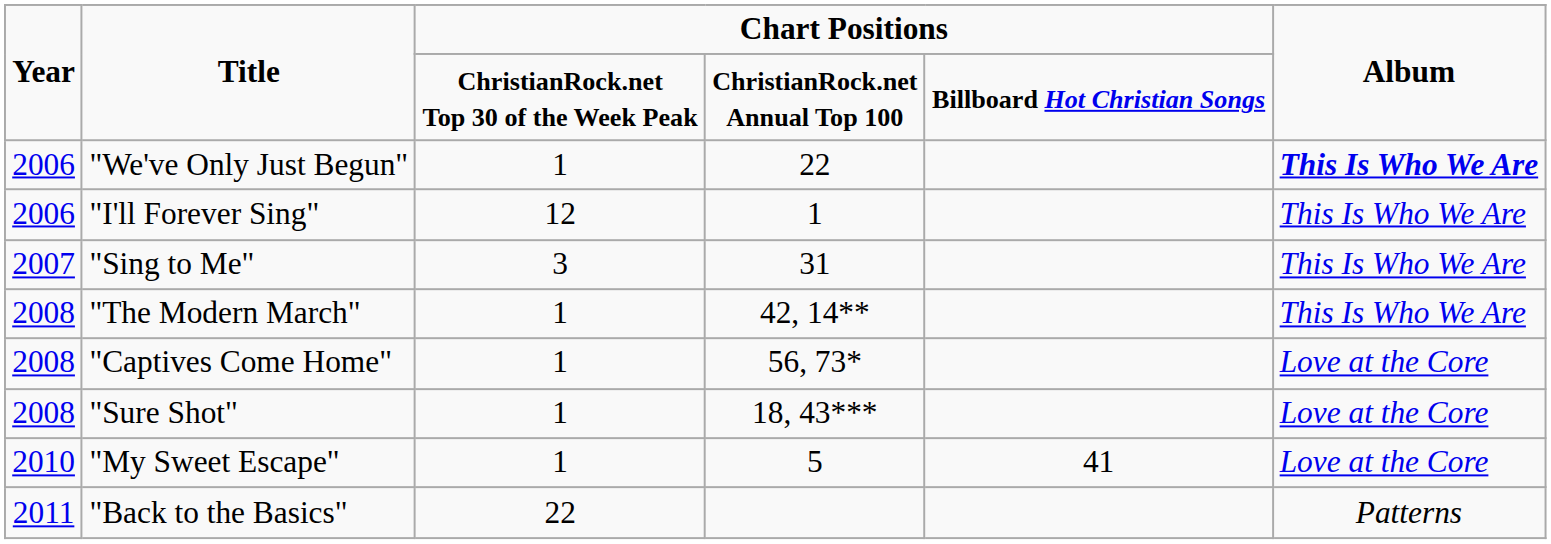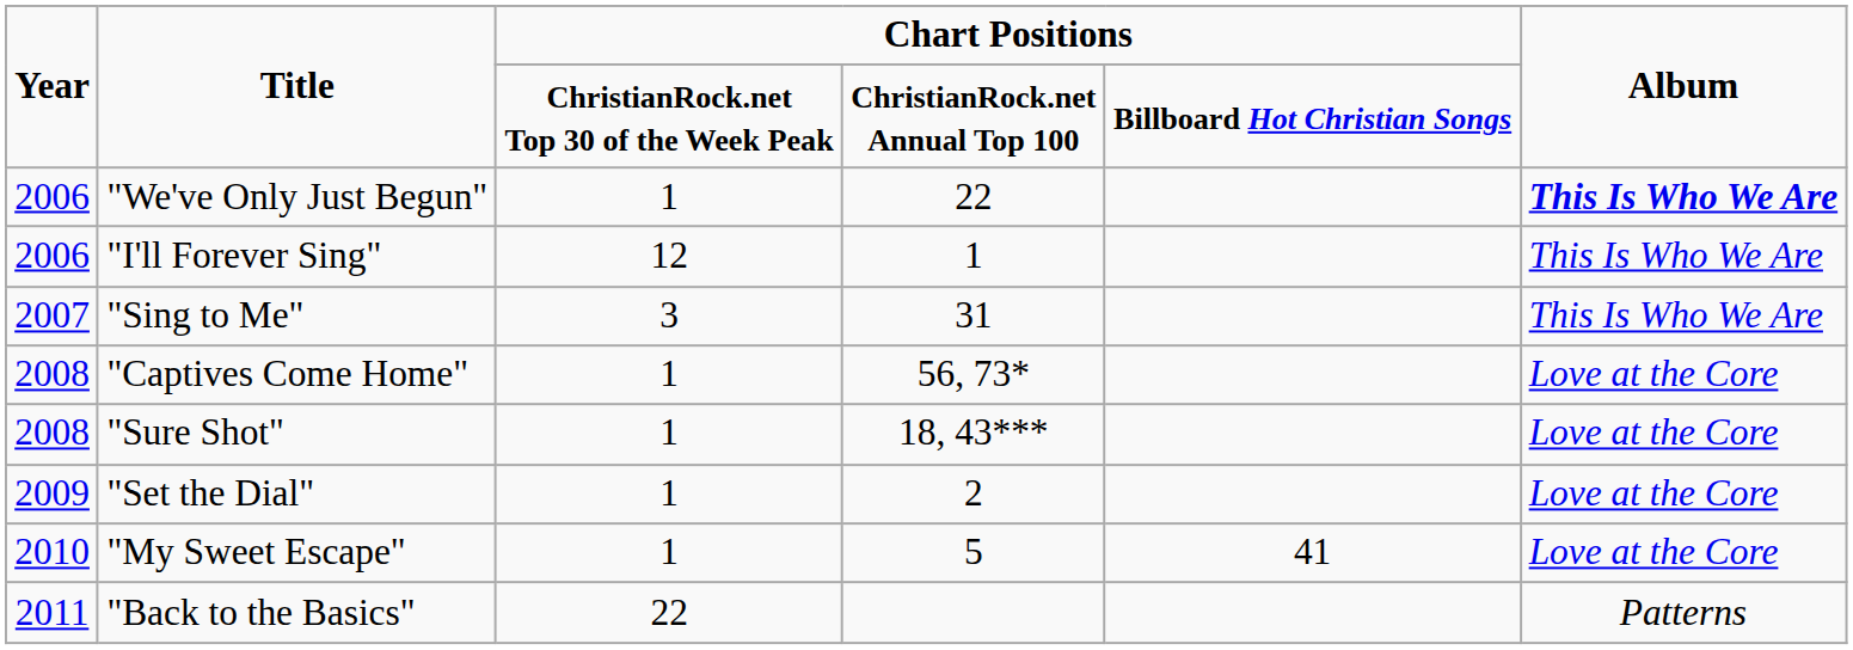 <table class="wikitable"  style="text-align:center">
 <tr>
 <td rowspan="2"><strong>Year</strong></td>
 <td rowspan="2"><strong>Title</strong></td>
 <td colspan="3"><strong>Chart Positions</strong></td>
 <td rowspan="2"><strong>Album</strong></td>
 </tr>
 <tr>
 <td><small><strong>ChristianRock.net<br>Top 30 of the Week Peak</strong></small></td>
 <td><small><strong>ChristianRock.net<br>Annual Top 100</strong></small></td>
 <td><small><strong>Billboard <em><a href='#'>Hot Christian Songs</a></em> </strong></small></td>
 </tr>
 <tr>
 <td><a href='#'>2006</a></td>
 <td style="text-align:left">"We've Only Just Begun"</td>
 <td>1</td>
 <td>22</td>
 <td></td>
 <td style="text-align:left"><strong><em><a href='#'>This Is Who We Are</a></em></strong></td>
 </tr>
 <tr>
 <td><a href='#'>2006</a></td>
 <td style="text-align:left">"I'll Forever Sing"</td>
 <td>12</td>
 <td>1</td>
 <td></td>
 <td style="text-align:left"><em><a href='#'>This Is Who We Are</a></em></td>
 </tr>
 <tr>
 <td><a href='#'>2007</a></td>
 <td style="text-align:left">"Sing to Me"</td>
 <td>3</td>
 <td>31</td>
 <td></td>
 <td style="text-align:left"><em><a href='#'>This Is Who We Are</a></em></td>
 </tr>
 <tr>
 <td><a href='#'>2008</a></td>
-<td style="text-align:left">"The Modern March"</td>
-<td>1</td>
-<td>42, 14**</td>
-<td></td>
-<td style="text-align:left"><em><a href='#'>This Is Who We Are</a></em></td>
-</tr>
-<tr>
-<td><a href='#'>2008</a></td>
 <td style="text-align:left">"Captives Come Home"</td>
 <td>1</td>
 <td>56, 73*</td>
 <td></td>
 <td style="text-align:left"><em><a href='#'>Love at the Core</a></em></td>
 </tr>
 <tr>
 <td><a href='#'>2008</a></td>
 <td style="text-align:left">"Sure Shot"</td>
 <td>1</td>
 <td>18, 43***</td>
+<td></td>
+<td style="text-align:left"><em><a href='#'>Love at the Core</a></em></td>
+</tr>
+<tr>
+<td><a href='#'>2009</a></td>
+<td style="text-align:left">"Set the Dial"</td>
+<td>1</td>
+<td>2</td>
 <td></td>
 <td style="text-align:left"><em><a href='#'>Love at the Core</a></em></td>
 </tr>
 <tr>
 <td><a href='#'>2010</a></td>
 <td style="text-align:left">"My Sweet Escape"</td>
 <td>1</td>
 <td>5</td>
 <td>41</td>
 <td style="text-align:left"><em><a href='#'>Love at the Core</a></em></td>
 </tr>
 <tr>
 <td><a href='#'>2011</a></td>
 <td style="text-align:left">"Back to the Basics"</td>
 <td>22</td>
 <td></td>
 <td></td>
 <td style="text=align:left"><em>Patterns</em></td>
 </tr>
 </table>
